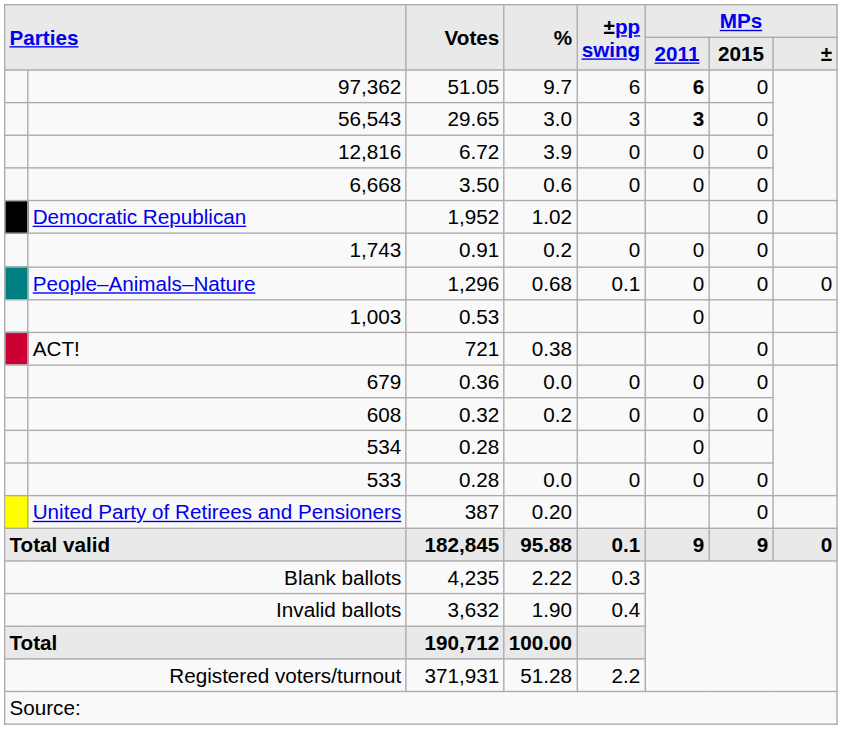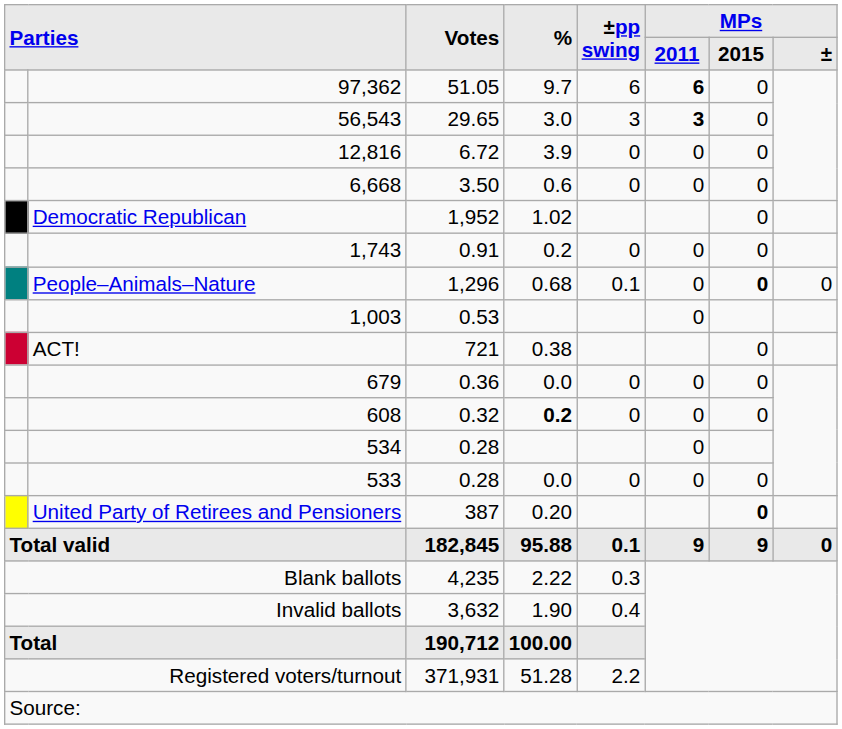 <table class="wikitable" style="text-align:right; font-size:95%;">
 <tr>
 <th rowspan="2" colspan="2" style="background:#e9e9e9; text-align:left;" alignleft><a href='#'>Parties</a></th>
 <th rowspan="2" style="background:#e9e9e9; text-align:right;">Votes</th>
 <th rowspan="2" style="background:#e9e9e9; text-align:right;">%</th>
 <th rowspan="2" style="background:#e9e9e9; text-align:right;">±<a href='#'>pp</a> <a href='#'>swing</a></th>
 <th colspan="3" style="background:#e9e9e9; text-align:center;"><a href='#'>MPs</a></th>
 </tr>
 <tr style="background-color:#E9E9E9">
 <th style="background-color:#E9E9E9;text-align:center;"><a href='#'>2011</a></th>
 <th style="background-color:#E9E9E9;text-align:center;">2015</th>
 <th style="background:#e9e9e9; text-align:right;">±</th>
 </tr>
 <tr>
 <td> </td>
 <td>97,362</td>
 <td>51.05</td>
 <td>9.7</td>
 <td>6</td>
 <td><strong>6</strong></td>
 <td>0</td>
 </tr>
 <tr>
 <td></td>
 <td>56,543</td>
 <td>29.65</td>
 <td>3.0</td>
 <td>3</td>
 <td><strong>3</strong></td>
 <td>0</td>
 </tr>
 <tr>
 <td></td>
 <td>12,816</td>
 <td>6.72</td>
 <td>3.9</td>
 <td>0</td>
 <td>0</td>
 <td>0</td>
 </tr>
 <tr>
 <td></td>
 <td>6,668</td>
 <td>3.50</td>
 <td>0.6</td>
 <td>0</td>
 <td>0</td>
 <td>0</td>
 </tr>
 <tr>
 <td style="width: 10px" bgcolor=black align="center"></td>
 <td align=left><a href='#'>Democratic Republican</a></td>
 <td>1,952</td>
 <td>1.02</td>
 <td></td>
 <td></td>
 <td>0</td>
 <td></td>
 </tr>
 <tr>
 <td></td>
 <td>1,743</td>
 <td>0.91</td>
 <td>0.2</td>
 <td>0</td>
 <td>0</td>
 <td>0</td>
 </tr>
 <tr>
 <td style="width: 10px" bgcolor="teal" align="center"></td>
 <td align="left"><a href='#'>People–Animals–Nature</a></td>
 <td>1,296</td>
 <td>0.68</td>
 <td>0.1</td>
 <td>0</td>
-<td>0</td>
+<td><strong>0</strong></td>
 <td>0</td>
 </tr>
 <tr>
 <td></td>
 <td>1,003</td>
 <td>0.53</td>
 <td></td>
 <td></td>
 <td>0</td>
 <td></td>
 </tr>
 <tr>
 <td style="width:10px; background:#CC0033; text-align:center;"></td>
 <td style="text-align:left;">ACT! </td>
 <td>721</td>
 <td>0.38</td>
 <td></td>
 <td></td>
 <td>0</td>
 <td></td>
 </tr>
 <tr>
 <td></td>
 <td>679</td>
 <td>0.36</td>
 <td>0.0</td>
 <td>0</td>
 <td>0</td>
 <td>0</td>
 </tr>
 <tr>
 <td></td>
 <td>608</td>
 <td>0.32</td>
-<td>0.2</td>
+<td><strong>0.2</strong></td>
 <td>0</td>
 <td>0</td>
 <td>0</td>
 </tr>
 <tr>
 <td></td>
 <td>534</td>
 <td>0.28</td>
 <td></td>
 <td></td>
 <td>0</td>
 <td></td>
 </tr>
 <tr>
 <td></td>
 <td>533</td>
 <td>0.28</td>
 <td>0.0</td>
 <td>0</td>
 <td>0</td>
 <td>0</td>
 </tr>
 <tr>
 <td style="width: 10px" bgcolor=yellow align="center"></td>
 <td align=left><a href='#'>United Party of Retirees and Pensioners</a></td>
 <td>387</td>
 <td>0.20</td>
 <td></td>
 <td></td>
-<td>0</td>
+<td><strong>0</strong></td>
 <td></td>
 </tr>
 <tr>
 <td colspan=2 align=left style="background-color:#E9E9E9"><strong>Total valid</strong></td>
 <td width="65" align="right" style="background-color:#E9E9E9"><strong>182,845</strong></td>
 <td width="40" align="right" style="background-color:#E9E9E9"><strong>95.88</strong></td>
 <td width="40" align="right" style="background-color:#E9E9E9"><strong>0.1</strong></td>
 <td width="40" align="right" style="background-color:#E9E9E9"><strong>9</strong></td>
 <td width="40" align="right" style="background-color:#E9E9E9"><strong>9</strong></td>
 <td width="40" align="right" style="background-color:#E9E9E9"><strong>0</strong></td>
 </tr>
 <tr>
 <td colspan=2>Blank ballots</td>
 <td>4,235</td>
 <td>2.22</td>
 <td>0.3</td>
 <td colspan=4 rowspan=4></td>
 </tr>
 <tr>
 <td colspan=2>Invalid ballots</td>
 <td>3,632</td>
 <td>1.90</td>
 <td>0.4</td>
 </tr>
 <tr>
 <td colspan=2 width="259" align=left style="background-color:#E9E9E9"><strong>Total</strong></td>
 <td width="50" align="right" style="background-color:#E9E9E9"><strong>190,712</strong></td>
 <td width="40" align="right" style="background-color:#E9E9E9"><strong>100.00</strong></td>
 <td width="40" align="right" style="background-color:#E9E9E9"></td>
 </tr>
 <tr>
 <td colspan=2>Registered voters/turnout</td>
 <td>371,931</td>
 <td>51.28</td>
 <td>2.2</td>
 </tr>
 <tr>
 <td colspan=11 align=left>Source: </td>
 </tr>
 </table>
